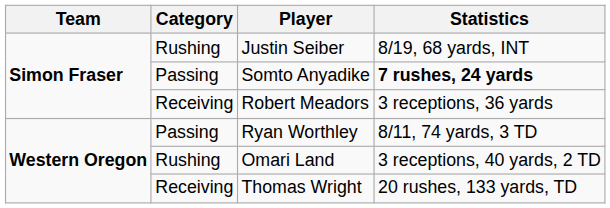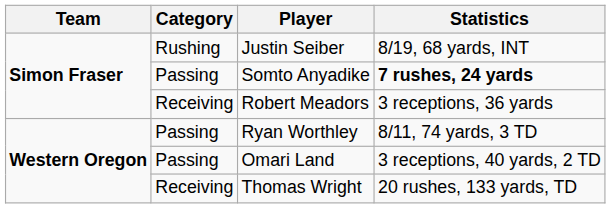 <table class="wikitable" style="float: right;">
 <tr>
 <th>Team</th>
 <th>Category</th>
 <th>Player</th>
 <th>Statistics</th>
 </tr>
 <tr>
 <td rowspan=3><strong>Simon Fraser</strong></td>
 <td>Rushing</td>
 <td>Justin Seiber</td>
 <td>8/19, 68 yards, INT</td>
 </tr>
 <tr>
 <td>Passing</td>
 <td>Somto Anyadike</td>
 <td><strong>7 rushes, 24 yards</strong></td>
 </tr>
 <tr>
 <td>Receiving</td>
 <td>Robert Meadors</td>
 <td>3 receptions, 36 yards</td>
 </tr>
 <tr>
 <td rowspan=3><strong>Western Oregon</strong></td>
 <td>Passing</td>
 <td>Ryan Worthley</td>
 <td>8/11, 74 yards, 3 TD</td>
 </tr>
 <tr>
-<td>Rushing</td>
+<td>Passing</td>
 <td>Omari Land</td>
 <td>3 receptions, 40 yards, 2 TD</td>
 </tr>
 <tr>
 <td>Receiving</td>
 <td>Thomas Wright</td>
 <td>20 rushes, 133 yards, TD</td>
 </tr>
 </table>
